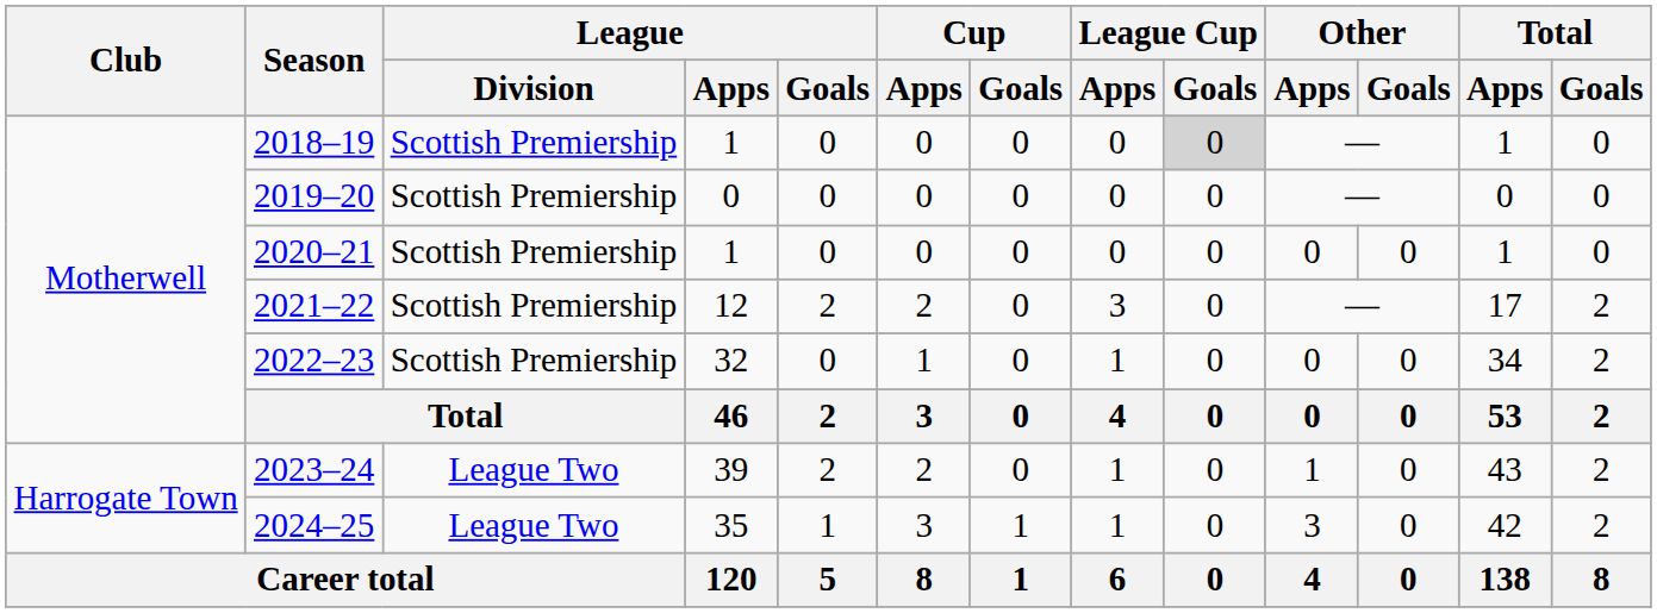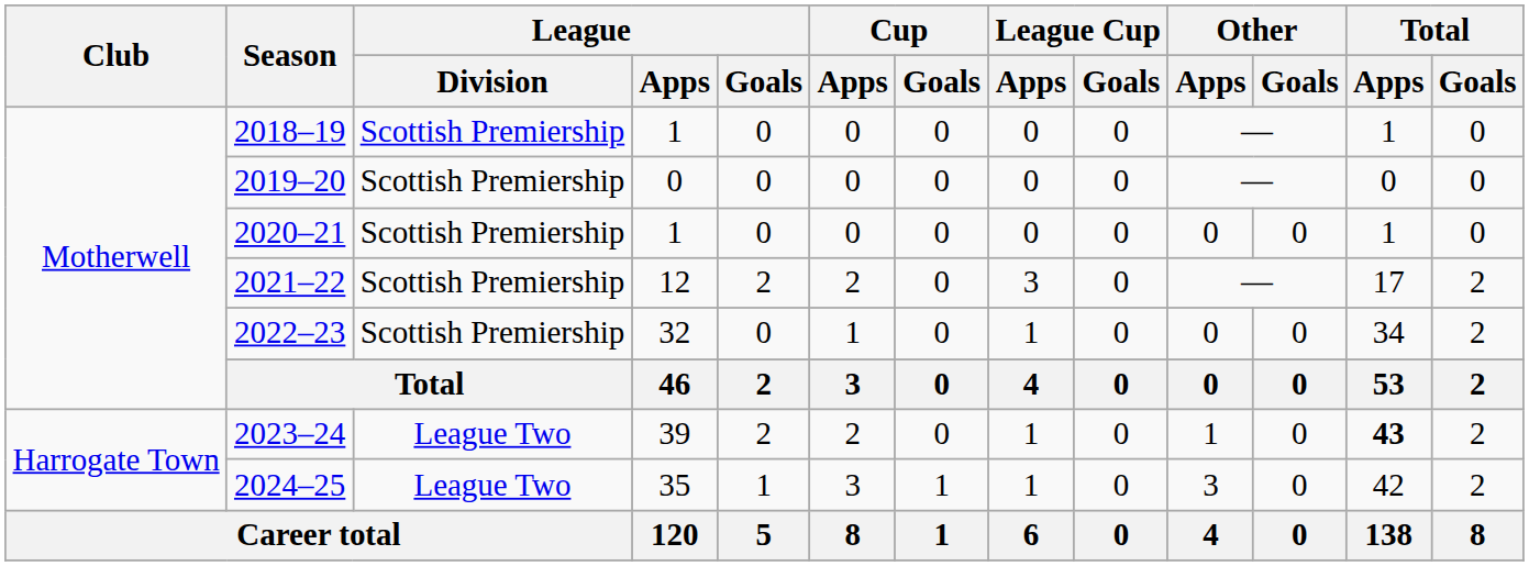 <table class="wikitable" style="text-align: center">
 <tr>
 <th rowspan="2">Club</th>
 <th rowspan="2">Season</th>
 <th colspan="3">League</th>
 <th colspan="2">Cup</th>
 <th colspan="2">League Cup</th>
 <th colspan="2">Other</th>
 <th colspan="2">Total</th>
 </tr>
 <tr>
 <th>Division</th>
 <th>Apps</th>
 <th>Goals</th>
 <th>Apps</th>
 <th>Goals</th>
 <th>Apps</th>
 <th>Goals</th>
 <th>Apps</th>
 <th>Goals</th>
 <th>Apps</th>
 <th>Goals</th>
 </tr>
 <tr>
 <td rowspan=6><a href='#'>Motherwell</a></td>
 <td><a href='#'>2018–19</a></td>
 <td><a href='#'>Scottish Premiership</a></td>
 <td>1</td>
 <td>0</td>
 <td>0</td>
 <td>0</td>
 <td>0</td>
-<td style="background: lightgrey;">0</td>
+<td>0</td>
 <td colspan=2>—</td>
 <td>1</td>
 <td>0</td>
 </tr>
 <tr>
 <td><a href='#'>2019–20</a></td>
 <td>Scottish Premiership</td>
 <td>0</td>
 <td>0</td>
 <td>0</td>
 <td>0</td>
 <td>0</td>
 <td>0</td>
 <td colspan=2>—</td>
 <td>0</td>
 <td>0</td>
 </tr>
 <tr>
 <td><a href='#'>2020–21</a></td>
 <td>Scottish Premiership</td>
 <td>1</td>
 <td>0</td>
 <td>0</td>
 <td>0</td>
 <td>0</td>
 <td>0</td>
 <td>0</td>
 <td>0</td>
 <td>1</td>
 <td>0</td>
 </tr>
 <tr>
 <td><a href='#'>2021–22</a></td>
 <td>Scottish Premiership</td>
 <td>12</td>
 <td>2</td>
 <td>2</td>
 <td>0</td>
 <td>3</td>
 <td>0</td>
 <td colspan=2>—</td>
 <td>17</td>
 <td>2</td>
 </tr>
 <tr>
 <td><a href='#'>2022–23</a></td>
 <td>Scottish Premiership</td>
 <td>32</td>
 <td>0</td>
 <td>1</td>
 <td>0</td>
 <td>1</td>
 <td>0</td>
 <td>0</td>
 <td>0</td>
 <td>34</td>
 <td>2</td>
 </tr>
 <tr>
 <th colspan="2">Total</th>
 <th>46</th>
 <th>2</th>
 <th>3</th>
 <th>0</th>
 <th>4</th>
 <th>0</th>
 <th>0</th>
 <th>0</th>
 <th>53</th>
 <th>2</th>
 </tr>
 <tr>
 <td rowspan=2><a href='#'>Harrogate Town</a></td>
 <td><a href='#'>2023–24</a></td>
 <td><a href='#'>League Two</a></td>
 <td>39</td>
 <td>2</td>
 <td>2</td>
 <td>0</td>
 <td>1</td>
 <td>0</td>
 <td>1</td>
 <td>0</td>
-<td>43</td>
+<td><strong>43</strong></td>
 <td>2</td>
 </tr>
 <tr>
 <td><a href='#'>2024–25</a></td>
 <td><a href='#'>League Two</a></td>
 <td>35</td>
 <td>1</td>
 <td>3</td>
 <td>1</td>
 <td>1</td>
 <td>0</td>
 <td>3</td>
 <td>0</td>
 <td>42</td>
 <td>2</td>
 </tr>
 <tr>
 <th colspan="3">Career total</th>
 <th>120</th>
 <th>5</th>
 <th>8</th>
 <th>1</th>
 <th>6</th>
 <th>0</th>
 <th>4</th>
 <th>0</th>
 <th>138</th>
 <th>8</th>
 </tr>
 </table>
